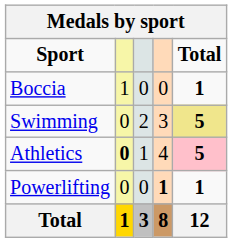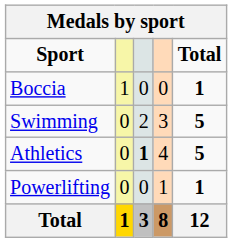 <table class=wikitable style="font-size:90%; float:right">
 <tr bgcolor=efefef>
 <th colspan=5><strong>Medals by sport</strong></th>
 </tr>
 <tr style="text-align:center">
 <td><strong>Sport</strong></td>
 <td bgcolor=#f7f6a8></td>
 <td bgcolor=#dce5e5></td>
 <td bgcolor=#ffdab9></td>
 <td><strong>Total</strong></td>
 </tr>
 <tr style="text-align:center">
 <td align=left><a href='#'>Boccia</a></td>
 <td bgcolor=F7F6A8>1</td>
 <td bgcolor=DCE5E5>0</td>
 <td bgcolor=FFDAB9>0</td>
 <td><strong>1</strong></td>
 </tr>
 <tr style="text-align:center">
 <td align=left><a href='#'>Swimming</a></td>
 <td bgcolor=F7F6A8>0</td>
 <td bgcolor=DCE5E5>2</td>
 <td bgcolor=FFDAB9>3</td>
-<td style="background: khaki;"><strong>5</strong></td>
+<td><strong>5</strong></td>
 </tr>
 <tr style="text-align:center">
 <td align=left><a href='#'>Athletics</a></td>
-<td bgcolor=F7F6A8><strong>0</strong></td>
-<td bgcolor=DCE5E5>1</td>
+<td bgcolor=F7F6A8>0</td>
+<td bgcolor=DCE5E5><strong>1</strong></td>
 <td bgcolor=FFDAB9>4</td>
-<td style="background: pink;"><strong>5</strong></td>
+<td><strong>5</strong></td>
 </tr>
 <tr style="text-align:center">
 <td align=left><a href='#'>Powerlifting</a></td>
 <td bgcolor=F7F6A8>0</td>
 <td bgcolor=DCE5E5>0</td>
-<td bgcolor=FFDAB9><strong>1</strong></td>
+<td bgcolor=FFDAB9>1</td>
 <td><strong>1</strong></td>
 </tr>
 <tr style="text-align:center">
 <th>Total</th>
 <th style="background:gold">1</th>
 <th style="background:silver">3</th>
 <th style="background:#c96">8</th>
 <th>12</th>
 </tr>
 </table>
